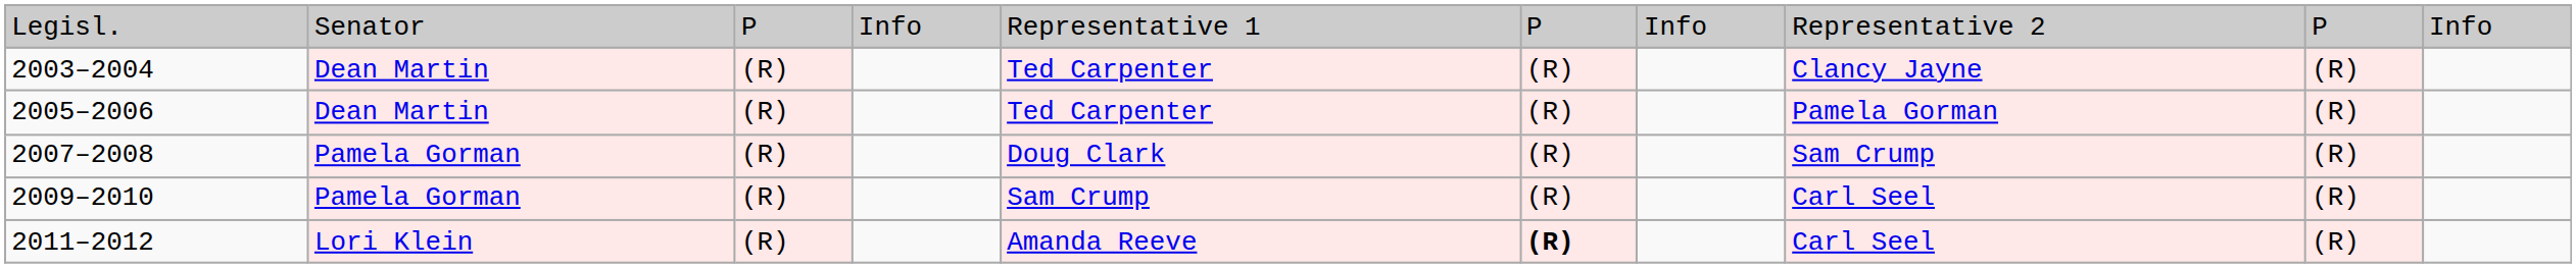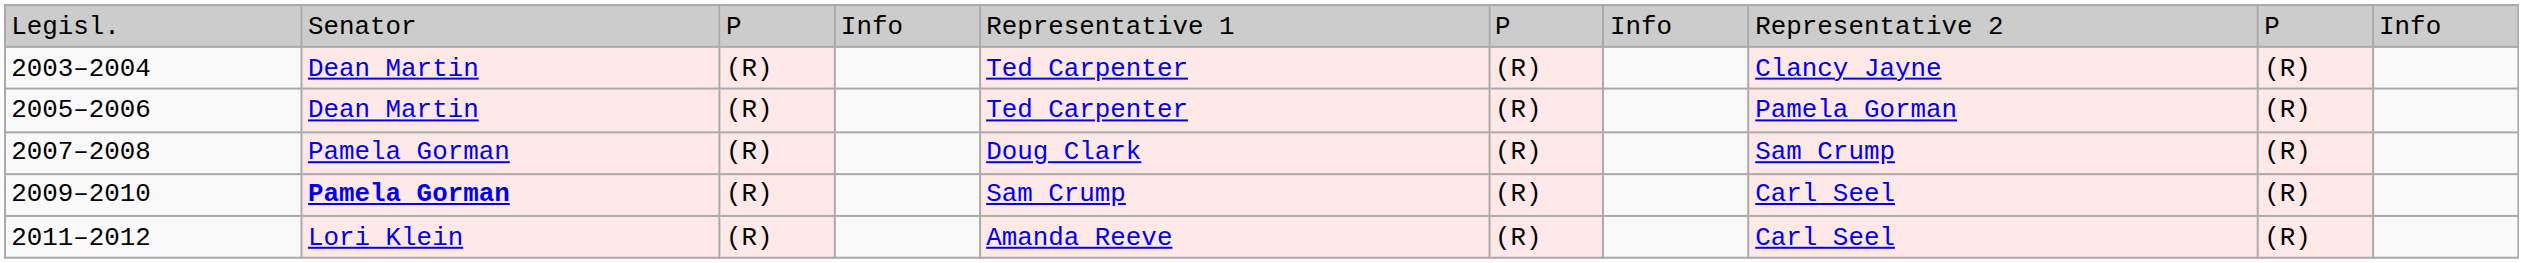 <table class=wikitable width="100%" border="1">
 <tr style="background-color:#cccccc;">
 <td>Legisl.</td>
 <td>Senator</td>
 <td>P</td>
 <td>Info</td>
 <td>Representative 1</td>
 <td>P</td>
 <td>Info</td>
 <td>Representative 2</td>
 <td>P</td>
 <td>Info</td>
 </tr>
 <tr>
 <td>2003–2004</td>
 <td style="background:#FFE8E8"><a href='#'>Dean Martin</a></td>
 <td style="background:#FFE8E8">(R)</td>
 <td></td>
 <td style="background:#FFE8E8"><a href='#'>Ted Carpenter</a></td>
 <td style="background:#FFE8E8">(R)</td>
 <td></td>
 <td style="background:#FFE8E8"><a href='#'>Clancy Jayne</a></td>
 <td style="background:#FFE8E8">(R)</td>
 <td></td>
 </tr>
 <tr>
 <td>2005–2006</td>
 <td style="background:#FFE8E8"><a href='#'>Dean Martin</a></td>
 <td style="background:#FFE8E8">(R)</td>
 <td></td>
 <td style="background:#FFE8E8"><a href='#'>Ted Carpenter</a></td>
 <td style="background:#FFE8E8">(R)</td>
 <td></td>
 <td style="background:#FFE8E8"><a href='#'>Pamela Gorman</a></td>
 <td style="background:#FFE8E8">(R)</td>
 <td></td>
 </tr>
 <tr>
 <td>2007–2008</td>
 <td style="background:#FFE8E8"><a href='#'>Pamela Gorman</a></td>
 <td style="background:#FFE8E8">(R)</td>
 <td> </td>
 <td style="background:#FFE8E8"><a href='#'>Doug Clark</a></td>
 <td style="background:#FFE8E8">(R)</td>
 <td></td>
 <td style="background:#FFE8E8"><a href='#'>Sam Crump</a></td>
 <td style="background:#FFE8E8">(R)</td>
 <td></td>
 </tr>
 <tr>
 <td>2009–2010</td>
-<td style="background:#FFE8E8"><a href='#'>Pamela Gorman</a></td>
+<td style="background:#FFE8E8"><strong><a href='#'>Pamela Gorman</a></strong></td>
 <td style="background:#FFE8E8">(R)</td>
 <td></td>
 <td style="background:#FFE8E8"><a href='#'>Sam Crump</a></td>
 <td style="background:#FFE8E8">(R)</td>
 <td></td>
 <td style="background:#FFE8E8"><a href='#'>Carl Seel</a></td>
 <td style="background:#FFE8E8">(R)</td>
 <td></td>
 </tr>
 <tr>
 <td>2011–2012</td>
 <td style="background:#FFE8E8"><a href='#'>Lori Klein</a></td>
 <td style="background:#FFE8E8">(R)</td>
 <td></td>
 <td style="background:#FFE8E8"><a href='#'>Amanda Reeve</a></td>
-<td style="background:#FFE8E8"><strong>(R)</strong></td>
+<td style="background:#FFE8E8">(R)</td>
 <td></td>
 <td style="background:#FFE8E8"><a href='#'>Carl Seel</a></td>
 <td style="background:#FFE8E8">(R)</td>
 <td></td>
 </tr>
 </table>
